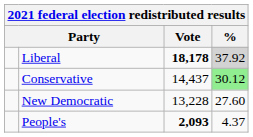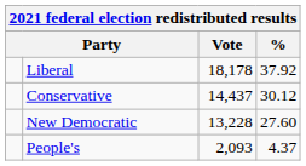 <table class="wikitable">
 <tr>
 <th colspan="4"><a href='#'>2021 federal election</a> redistributed results</th>
 </tr>
 <tr>
 <th bgcolor="#DDDDFF" width="130px" colspan="2">Party</th>
 <th bgcolor="#DDDDFF" width="50px">Vote</th>
 <th bgcolor="#DDDDFF" width="30px">%</th>
 </tr>
 <tr>
 <td> </td>
 <td><a href='#'>Liberal</a></td>
-<td align=right><strong>18,178</strong></td>
-<td align=right style="background: lightgrey;">37.92</td>
+<td align=right>18,178</td>
+<td align=right>37.92</td>
 </tr>
 <tr>
 <td> </td>
 <td><a href='#'>Conservative</a></td>
 <td align=right>14,437</td>
-<td align=right style="background: lightgreen;">30.12</td>
+<td align=right>30.12</td>
 </tr>
 <tr>
 <td> </td>
 <td><a href='#'>New Democratic</a></td>
 <td align=right>13,228</td>
 <td align=right>27.60</td>
 </tr>
 <tr>
 <td> </td>
 <td><a href='#'>People's</a></td>
-<td align=right><strong>2,093</strong></td>
+<td align=right>2,093</td>
 <td align=right>4.37</td>
 </tr>
 </table>
